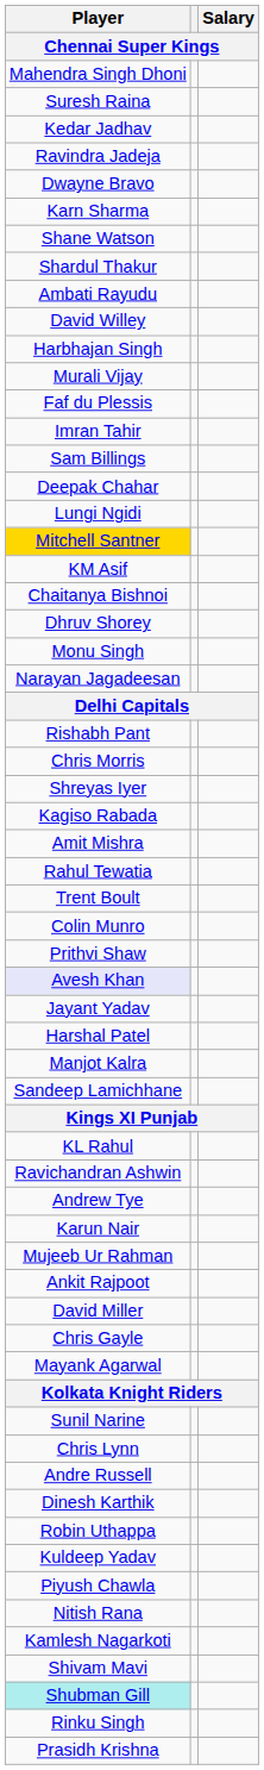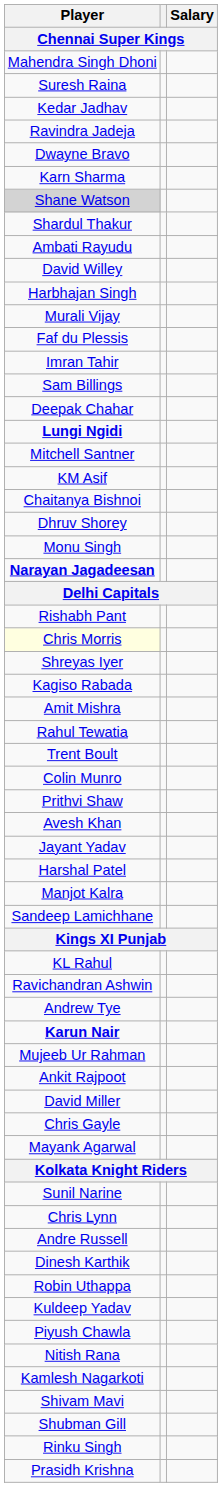 <table class="wikitable collapsible"  style="text-align:center">
 <tr>
 <th style="text-align:center;">Player</th>
 <th style="text-align:center;"></th>
 <th style="text-align:center;">Salary</th>
 </tr>
 <tr>
 <th colspan="5"><strong><a href='#'>Chennai Super Kings</a></strong></th>
 </tr>
 <tr>
 <td><a href='#'>Mahendra Singh Dhoni</a></td>
 <td></td>
 <td></td>
 </tr>
 <tr>
 <td><a href='#'>Suresh Raina</a></td>
 <td></td>
 <td></td>
 </tr>
 <tr>
 <td><a href='#'>Kedar Jadhav</a></td>
 <td></td>
 <td></td>
 </tr>
 <tr>
 <td><a href='#'>Ravindra Jadeja</a></td>
 <td></td>
 <td></td>
 </tr>
 <tr>
 <td><a href='#'>Dwayne Bravo</a></td>
 <td></td>
 <td></td>
 </tr>
 <tr>
 <td><a href='#'>Karn Sharma</a></td>
 <td></td>
 <td></td>
 </tr>
 <tr>
-<td><a href='#'>Shane Watson</a></td>
+<td style="background: lightgrey;"><a href='#'>Shane Watson</a></td>
 <td></td>
 <td></td>
 </tr>
 <tr>
 <td><a href='#'>Shardul Thakur</a></td>
 <td></td>
 <td></td>
 </tr>
 <tr>
 <td><a href='#'>Ambati Rayudu</a></td>
 <td></td>
 <td></td>
 </tr>
 <tr>
 <td><a href='#'>David Willey</a></td>
 <td></td>
 <td></td>
 </tr>
 <tr>
 <td><a href='#'>Harbhajan Singh</a></td>
 <td></td>
 <td></td>
 </tr>
 <tr>
 <td><a href='#'>Murali Vijay</a></td>
 <td></td>
 <td></td>
 </tr>
 <tr>
 <td><a href='#'>Faf du Plessis</a></td>
 <td></td>
 <td></td>
 </tr>
 <tr>
 <td><a href='#'>Imran Tahir</a></td>
 <td></td>
 <td></td>
 </tr>
 <tr>
 <td><a href='#'>Sam Billings</a></td>
 <td></td>
 <td></td>
 </tr>
 <tr>
 <td><a href='#'>Deepak Chahar</a></td>
 <td></td>
 <td></td>
 </tr>
 <tr>
-<td><a href='#'>Lungi Ngidi</a></td>
+<td><strong><a href='#'>Lungi Ngidi</a></strong></td>
 <td></td>
 <td></td>
 </tr>
 <tr>
-<td style="background: gold;"><a href='#'>Mitchell Santner</a></td>
+<td><a href='#'>Mitchell Santner</a></td>
 <td></td>
 <td></td>
 </tr>
 <tr>
 <td><a href='#'>KM Asif</a></td>
 <td></td>
 <td></td>
 </tr>
 <tr>
 <td><a href='#'>Chaitanya Bishnoi</a></td>
 <td></td>
 <td></td>
 </tr>
 <tr>
 <td><a href='#'>Dhruv Shorey</a></td>
 <td></td>
 <td></td>
 </tr>
 <tr>
 <td><a href='#'>Monu Singh</a></td>
 <td></td>
 <td></td>
 </tr>
 <tr>
-<td><a href='#'>Narayan Jagadeesan</a></td>
+<td><strong><a href='#'>Narayan Jagadeesan</a></strong></td>
 <td></td>
 <td></td>
 </tr>
 <tr>
 <th colspan="5"><strong><a href='#'>Delhi Capitals</a></strong></th>
 </tr>
 <tr>
 <td><a href='#'>Rishabh Pant</a></td>
 <td></td>
 <td></td>
 </tr>
 <tr>
-<td><a href='#'>Chris Morris</a></td>
+<td style="background: lightyellow;"><a href='#'>Chris Morris</a></td>
 <td></td>
 <td></td>
 </tr>
 <tr>
 <td><a href='#'>Shreyas Iyer</a></td>
 <td></td>
 <td></td>
 </tr>
 <tr>
 <td><a href='#'>Kagiso Rabada</a></td>
 <td></td>
 <td></td>
 </tr>
 <tr>
 <td><a href='#'>Amit Mishra</a></td>
 <td></td>
 <td></td>
 </tr>
 <tr>
 <td><a href='#'>Rahul Tewatia</a></td>
 <td></td>
 <td></td>
 </tr>
 <tr>
 <td><a href='#'>Trent Boult</a></td>
 <td></td>
 <td></td>
 </tr>
 <tr>
 <td><a href='#'>Colin Munro</a></td>
 <td></td>
 <td></td>
 </tr>
 <tr>
 <td><a href='#'>Prithvi Shaw</a></td>
 <td></td>
 <td></td>
 </tr>
 <tr>
-<td style="background: lavender;"><a href='#'>Avesh Khan</a></td>
+<td><a href='#'>Avesh Khan</a></td>
 <td></td>
 <td></td>
 </tr>
 <tr>
 <td><a href='#'>Jayant Yadav</a></td>
 <td></td>
 <td></td>
 </tr>
 <tr>
 <td><a href='#'>Harshal Patel</a></td>
 <td></td>
 <td></td>
 </tr>
 <tr>
 <td><a href='#'>Manjot Kalra</a></td>
 <td></td>
 <td></td>
 </tr>
 <tr>
 <td><a href='#'>Sandeep Lamichhane</a></td>
 <td></td>
 <td></td>
 </tr>
 <tr>
 <th colspan="5"><strong><a href='#'>Kings XI Punjab</a></strong></th>
 </tr>
 <tr>
 <td><a href='#'>KL Rahul</a></td>
 <td></td>
 <td></td>
 </tr>
 <tr>
 <td><a href='#'>Ravichandran Ashwin</a></td>
 <td></td>
 <td></td>
 </tr>
 <tr>
 <td><a href='#'>Andrew Tye</a></td>
 <td></td>
 <td></td>
 </tr>
 <tr>
-<td><a href='#'>Karun Nair</a></td>
+<td><strong><a href='#'>Karun Nair</a></strong></td>
 <td></td>
 <td></td>
 </tr>
 <tr>
 <td><a href='#'>Mujeeb Ur Rahman</a></td>
 <td></td>
 <td></td>
 </tr>
 <tr>
 <td><a href='#'>Ankit Rajpoot</a></td>
 <td></td>
 <td></td>
 </tr>
 <tr>
 <td><a href='#'>David Miller</a></td>
 <td></td>
 <td></td>
 </tr>
 <tr>
 <td><a href='#'>Chris Gayle</a></td>
 <td></td>
 <td></td>
 </tr>
 <tr>
 <td><a href='#'>Mayank Agarwal</a></td>
 <td></td>
 <td></td>
 </tr>
 <tr>
 <th colspan="5"><strong><a href='#'>Kolkata Knight Riders</a></strong></th>
 </tr>
 <tr>
 <td><a href='#'>Sunil Narine</a></td>
 <td></td>
 <td></td>
 </tr>
 <tr>
 <td><a href='#'>Chris Lynn</a></td>
 <td></td>
 <td></td>
 </tr>
 <tr>
 <td><a href='#'>Andre Russell</a></td>
 <td></td>
 <td></td>
 </tr>
 <tr>
 <td><a href='#'>Dinesh Karthik</a></td>
 <td></td>
 <td></td>
 </tr>
 <tr>
 <td><a href='#'>Robin Uthappa</a></td>
 <td></td>
 <td></td>
 </tr>
 <tr>
 <td><a href='#'>Kuldeep Yadav</a></td>
 <td></td>
 <td></td>
 </tr>
 <tr>
 <td><a href='#'>Piyush Chawla</a></td>
 <td></td>
 <td></td>
 </tr>
 <tr>
 <td><a href='#'>Nitish Rana</a></td>
 <td></td>
 <td></td>
 </tr>
 <tr>
 <td><a href='#'>Kamlesh Nagarkoti</a></td>
 <td></td>
 <td></td>
 </tr>
 <tr>
 <td><a href='#'>Shivam Mavi</a></td>
 <td></td>
 <td></td>
 </tr>
 <tr>
-<td style="background: paleturquoise;"><a href='#'>Shubman Gill</a></td>
+<td><a href='#'>Shubman Gill</a></td>
 <td></td>
 <td></td>
 </tr>
 <tr>
 <td><a href='#'>Rinku Singh</a></td>
 <td></td>
 <td></td>
 </tr>
 <tr>
 <td><a href='#'>Prasidh Krishna</a></td>
 <td></td>
 <td></td>
 </tr>
 </table>
